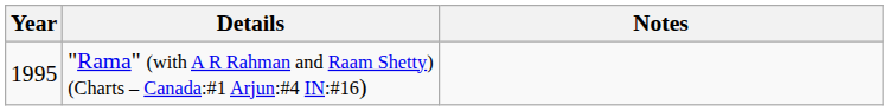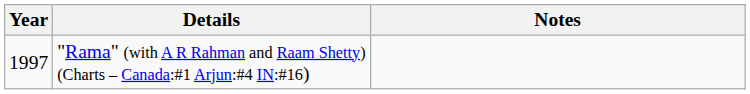 <table class="wikitable">
 <tr>
 <th>Year</th>
 <th>Details</th>
 <th class="unsortable" style="width: 300px;">Notes</th>
 </tr>
 <tr>
-<td>1995</td>
+<td>1997</td>
 <td style="text-align:left;">"<a href='#'>Rama</a>" <small>(with <a href='#'>A R Rahman</a> and <a href='#'>Raam Shetty</a>)<br>(Charts – <a href='#'>Canada</a>:#1 <a href='#'>Arjun</a>:#4 <a href='#'>IN</a>:#16</small>)</td>
 <td></td>
 </tr>
 </table>
